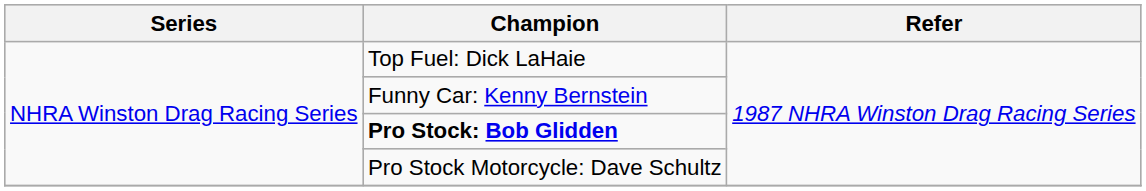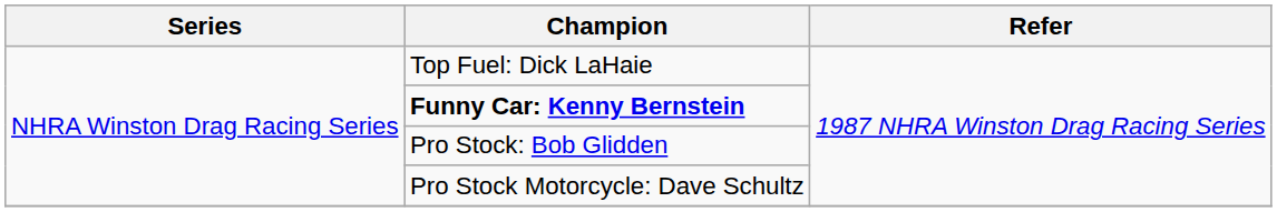 <table class="wikitable" style="font-size:87%;">
 <tr>
 <th>Series</th>
 <th>Champion</th>
 <th>Refer</th>
 </tr>
 <tr>
 <td rowspan=4><a href='#'>NHRA Winston Drag Racing Series</a></td>
 <td>Top Fuel:  Dick LaHaie</td>
 <td rowspan=4><em><a href='#'>1987 NHRA Winston Drag Racing Series</a></em></td>
 </tr>
 <tr>
-<td>Funny Car:  <a href='#'>Kenny Bernstein</a></td>
+<td><strong>Funny Car:  <a href='#'>Kenny Bernstein</a></strong></td>
 </tr>
 <tr>
-<td><strong>Pro Stock:  <a href='#'>Bob Glidden</a></strong></td>
+<td>Pro Stock:  <a href='#'>Bob Glidden</a></td>
 </tr>
 <tr>
 <td>Pro Stock Motorcycle:  Dave Schultz</td>
 </tr>
 <tr>
 </tr>
 </table>
